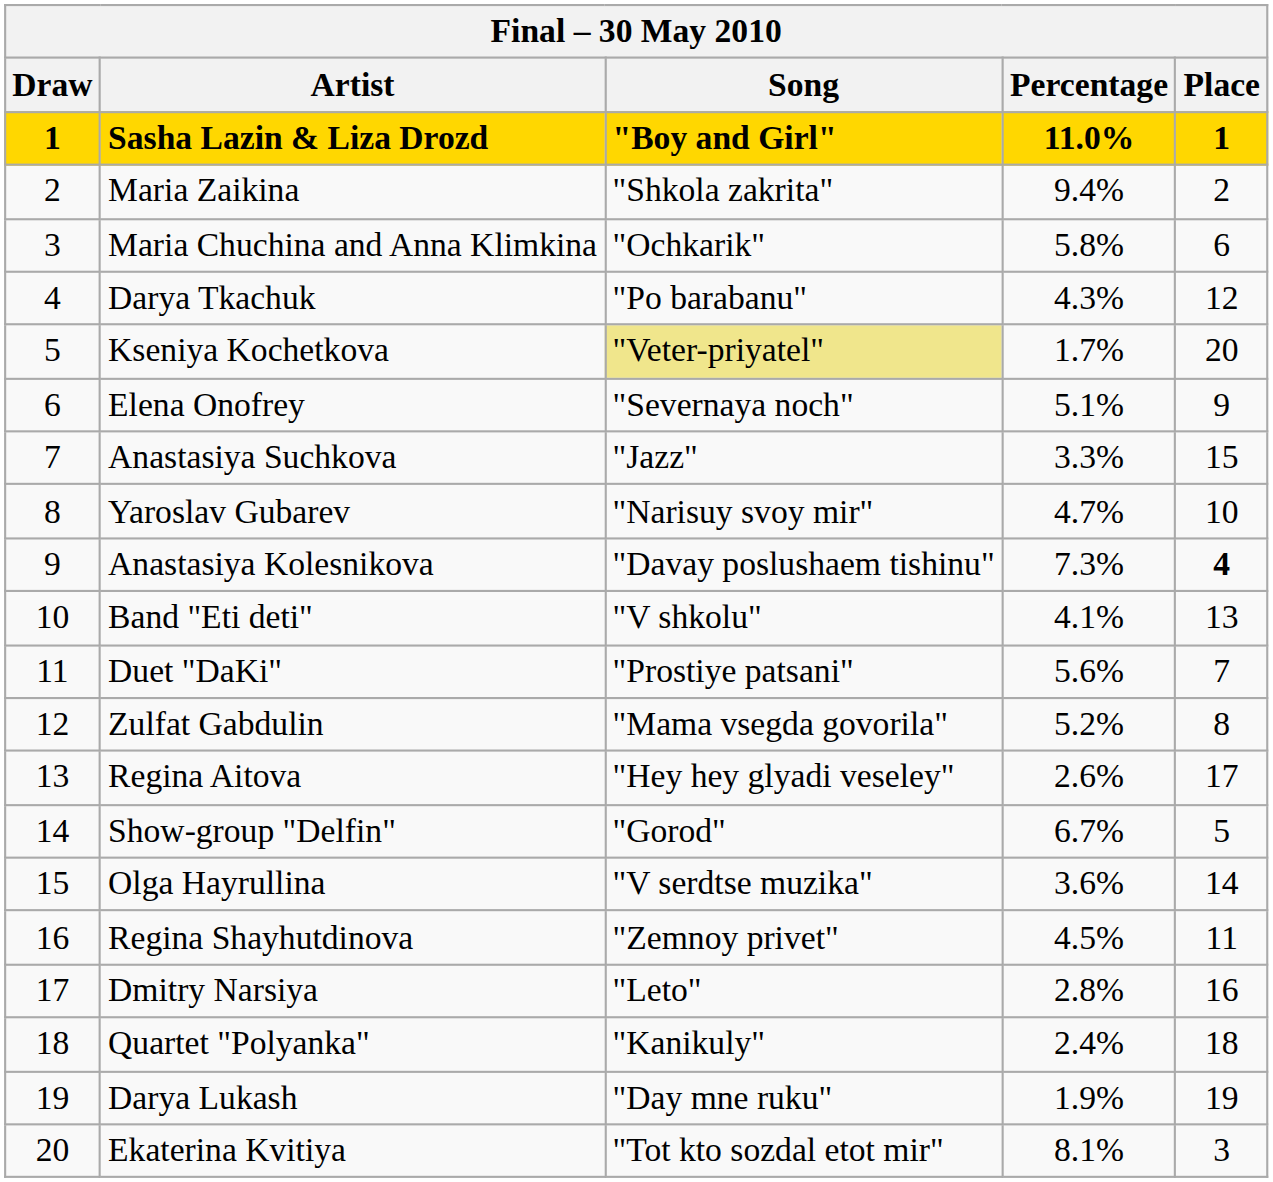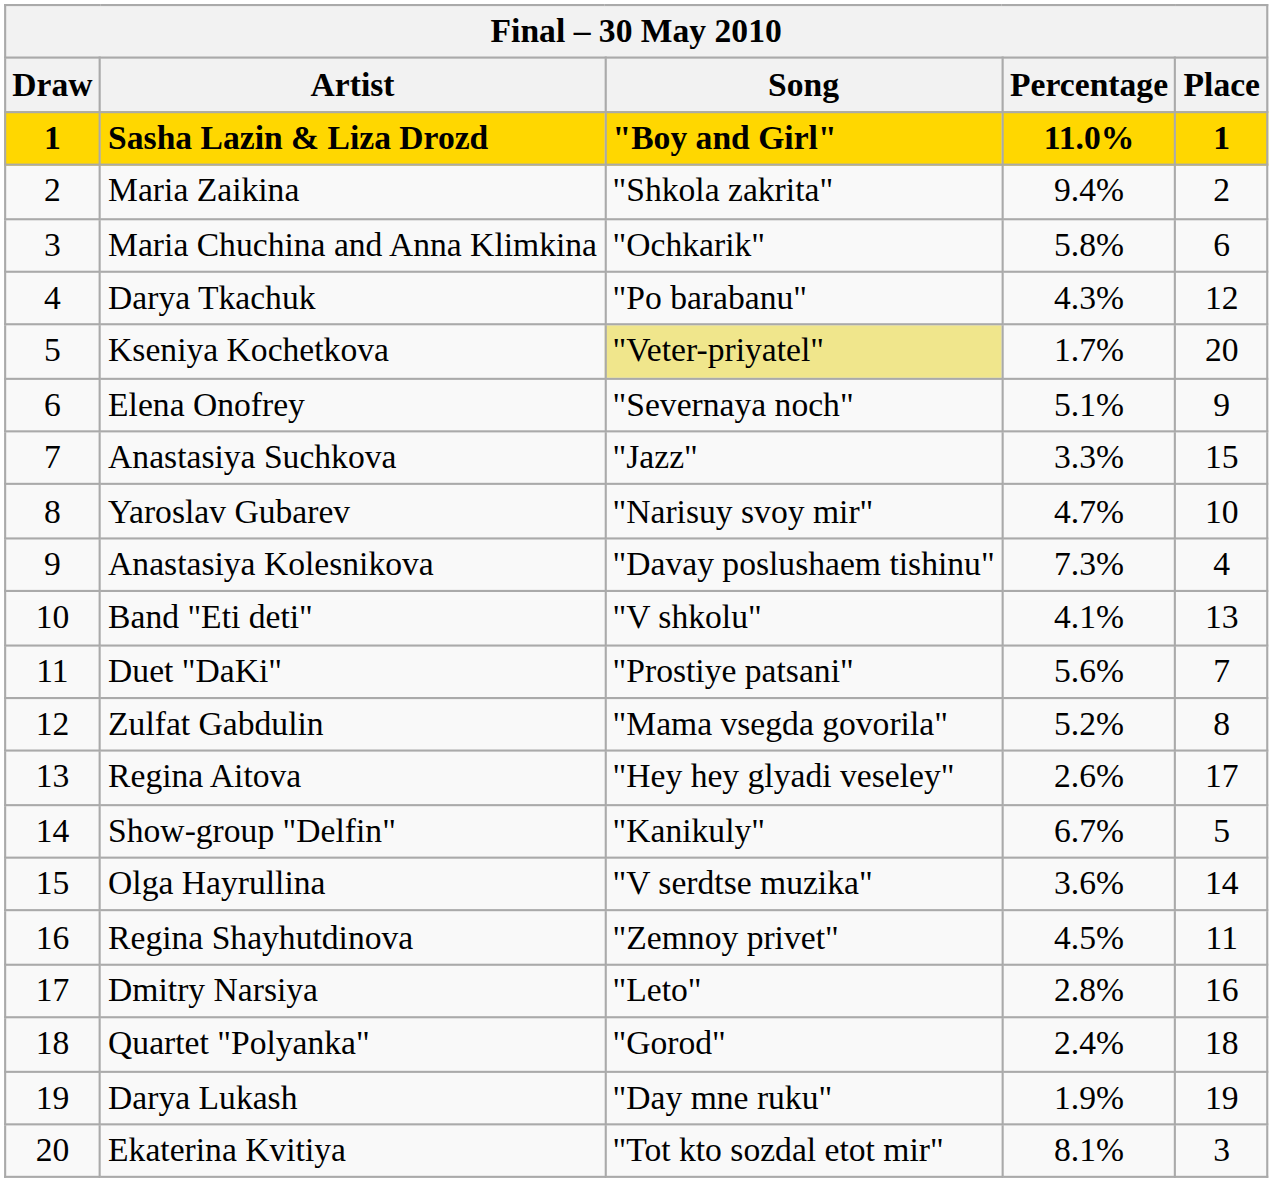 <table class="sortable wikitable" style="margin: 1em auto 1em auto; text-align:center">
 <tr>
 <th colspan="5">Final – 30 May 2010</th>
 </tr>
 <tr bgcolor="#CCCCCC">
 <th>Draw</th>
 <th>Artist</th>
 <th>Song</th>
 <th>Percentage</th>
 <th>Place</th>
 </tr>
 <tr style="font-weight:bold; background:gold;">
 <td><strong>1</strong></td>
 <td align="left"><strong>Sasha Lazin & Liza Drozd</strong></td>
 <td align="left"><strong>"Boy and Girl"</strong></td>
 <td><strong>11.0%</strong></td>
 <td><strong>1</strong></td>
 </tr>
 <tr>
 <td>2</td>
 <td align="left">Maria Zaikina</td>
 <td align="left">"Shkola zakrita"</td>
 <td>9.4%</td>
 <td>2</td>
 </tr>
 <tr>
 <td>3</td>
 <td align="left">Maria Chuchina and Anna Klimkina</td>
 <td align="left">"Ochkarik"</td>
 <td>5.8%</td>
 <td>6</td>
 </tr>
 <tr>
 <td>4</td>
 <td align="left">Darya Tkachuk</td>
 <td align="left">"Po barabanu"</td>
 <td>4.3%</td>
 <td>12</td>
 </tr>
 <tr>
 <td>5</td>
 <td align="left">Kseniya Kochetkova</td>
 <td align="left" style="background: khaki;">"Veter-priyatel"</td>
 <td>1.7%</td>
 <td>20</td>
 </tr>
 <tr>
 <td>6</td>
 <td align="left">Elena Onofrey</td>
 <td align="left">"Severnaya noch"</td>
 <td>5.1%</td>
 <td>9</td>
 </tr>
 <tr>
 <td>7</td>
 <td align="left">Anastasiya Suchkova</td>
 <td align="left">"Jazz"</td>
 <td>3.3%</td>
 <td>15</td>
 </tr>
 <tr>
 <td>8</td>
 <td align="left">Yaroslav Gubarev</td>
 <td align="left">"Narisuy svoy mir"</td>
 <td>4.7%</td>
 <td>10</td>
 </tr>
 <tr>
 <td>9</td>
 <td align="left">Anastasiya Kolesnikova</td>
 <td align="left">"Davay poslushaem tishinu"</td>
 <td>7.3%</td>
-<td><strong>4</strong></td>
+<td>4</td>
 </tr>
 <tr>
 <td>10</td>
 <td align="left">Band "Eti deti"</td>
 <td align="left">"V shkolu"</td>
 <td>4.1%</td>
 <td>13</td>
 </tr>
 <tr>
 <td>11</td>
 <td align="left">Duet "DaKi"</td>
 <td align="left">"Prostiye patsani"</td>
 <td>5.6%</td>
 <td>7</td>
 </tr>
 <tr>
 <td>12</td>
 <td align="left">Zulfat Gabdulin</td>
 <td align="left">"Mama vsegda govorila"</td>
 <td>5.2%</td>
 <td>8</td>
 </tr>
 <tr>
 <td>13</td>
 <td align="left">Regina Aitova</td>
 <td align="left">"Hey hey glyadi veseley"</td>
 <td>2.6%</td>
 <td>17</td>
 </tr>
 <tr>
 <td>14</td>
 <td align="left">Show-group "Delfin"</td>
-<td align="left">"Gorod"</td>
+<td align="left">"Kanikuly"</td>
 <td>6.7%</td>
 <td>5</td>
 </tr>
 <tr>
 <td>15</td>
 <td align="left">Olga Hayrullina</td>
 <td align="left">"V serdtse muzika"</td>
 <td>3.6%</td>
 <td>14</td>
 </tr>
 <tr>
 <td>16</td>
 <td align="left">Regina Shayhutdinova</td>
 <td align="left">"Zemnoy privet"</td>
 <td>4.5%</td>
 <td>11</td>
 </tr>
 <tr>
 <td>17</td>
 <td align="left">Dmitry Narsiya</td>
 <td align="left">"Leto"</td>
 <td>2.8%</td>
 <td>16</td>
 </tr>
 <tr>
 <td>18</td>
 <td align="left">Quartet "Polyanka"</td>
-<td align="left">"Kanikuly"</td>
+<td align="left">"Gorod"</td>
 <td>2.4%</td>
 <td>18</td>
 </tr>
 <tr>
 <td>19</td>
 <td align="left">Darya Lukash</td>
 <td align="left">"Day mne ruku"</td>
 <td>1.9%</td>
 <td>19</td>
 </tr>
 <tr>
 <td>20</td>
 <td align="left">Ekaterina Kvitiya</td>
 <td align="left">"Tot kto sozdal etot mir"</td>
 <td>8.1%</td>
 <td>3</td>
 </tr>
 </table>
